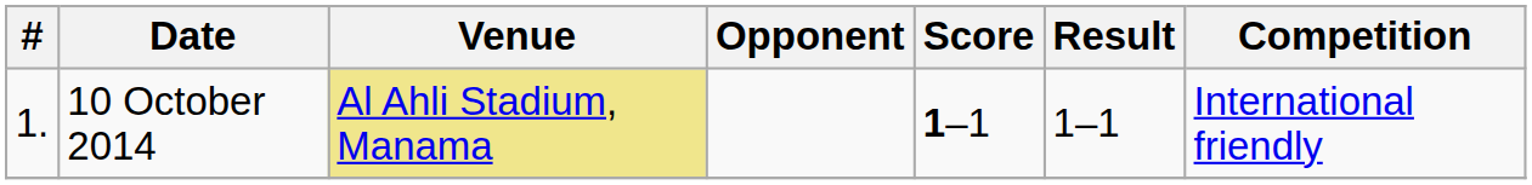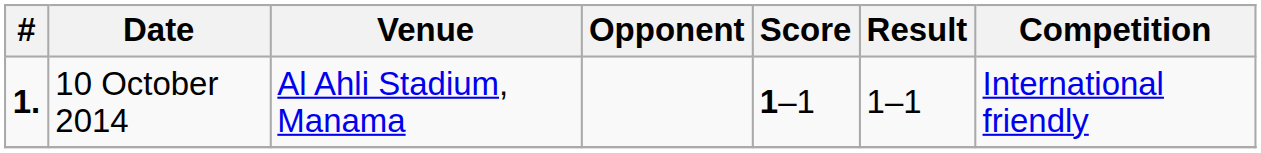 <table class="wikitable">
 <tr>
 <th>#</th>
 <th>Date</th>
 <th>Venue</th>
 <th>Opponent</th>
 <th>Score</th>
 <th>Result</th>
 <th>Competition</th>
 </tr>
 <tr>
-<td>1.</td>
+<td><strong>1.</strong></td>
 <td>10 October 2014</td>
-<td style="background: khaki;"><a href='#'>Al Ahli Stadium</a>, <a href='#'>Manama</a></td>
+<td><a href='#'>Al Ahli Stadium</a>, <a href='#'>Manama</a></td>
 <td></td>
 <td><strong>1</strong>–1</td>
 <td>1–1</td>
 <td><a href='#'>International friendly</a></td>
 </tr>
 <tr>
 </tr>
 </table>
